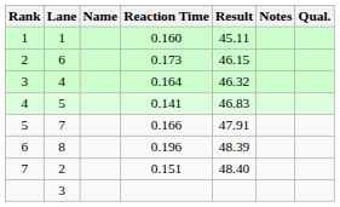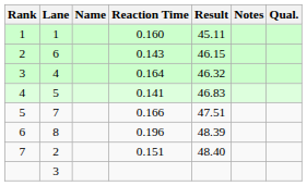 <table class="wikitable sortable" style="text-align:center">
 <tr>
 <th>Rank</th>
 <th>Lane</th>
 <th>Name</th>
 <th>Reaction Time</th>
 <th>Result</th>
 <th>Notes</th>
 <th>Qual.</th>
 </tr>
 <tr bgcolor=ccffcc>
 <td>1</td>
 <td>1</td>
 <td align="left"></td>
 <td>0.160</td>
 <td>45.11</td>
 <td></td>
 <td></td>
 </tr>
 <tr bgcolor=ccffcc>
 <td>2</td>
 <td>6</td>
 <td align="left"></td>
-<td>0.173</td>
+<td>0.143</td>
 <td>46.15</td>
 <td></td>
 <td></td>
 </tr>
 <tr bgcolor=ccffcc>
 <td>3</td>
 <td>4</td>
 <td align="left"></td>
 <td>0.164</td>
 <td>46.32</td>
 <td></td>
 <td></td>
 </tr>
 <tr bgcolor=ddffdd>
 <td>4</td>
 <td>5</td>
 <td align="left"></td>
 <td>0.141</td>
 <td>46.83</td>
 <td></td>
 <td></td>
 </tr>
 <tr>
 <td>5</td>
 <td>7</td>
 <td align="left"></td>
 <td>0.166</td>
-<td>47.91</td>
+<td>47.51</td>
 <td></td>
 <td></td>
 </tr>
 <tr>
 <td>6</td>
 <td>8</td>
 <td align="left"></td>
 <td>0.196</td>
 <td>48.39</td>
 <td></td>
 <td></td>
 </tr>
 <tr>
 <td>7</td>
 <td>2</td>
 <td align="left"></td>
 <td>0.151</td>
 <td>48.40</td>
 <td></td>
 <td></td>
 </tr>
 <tr>
 <td></td>
 <td>3</td>
 <td align="left"></td>
 <td></td>
 <td></td>
 <td></td>
 <td></td>
 </tr>
 </table>
